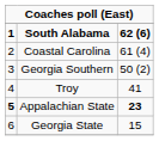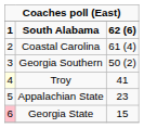 <table class="wikitable">
 <tr align="center">
 <td align="center" Colspan="3"><strong>Coaches poll (East)</strong></td>
 </tr>
 <tr align="center">
 </tr>
 <tr align="center">
 <td><strong>1</strong></td>
 <td><strong>South Alabama</strong></td>
 <td><strong>62 (6)</strong></td>
 </tr>
 <tr align="center">
 <td>2</td>
 <td>Coastal Carolina</td>
 <td>61 (4)</td>
 </tr>
 <tr align="center">
 <td>3</td>
 <td>Georgia Southern</td>
 <td>50 (2)</td>
 </tr>
 <tr align="center">
-<td>4</td>
+<td style="background: lightyellow;">4</td>
 <td>Troy</td>
 <td>41</td>
 </tr>
 <tr align="center">
-<td><strong>5</strong></td>
+<td>5</td>
 <td>Appalachian State</td>
-<td><strong>23</strong></td>
+<td>23</td>
 </tr>
 <tr align="center">
-<td>6</td>
+<td style="background: pink;">6</td>
 <td>Georgia State</td>
 <td>15</td>
 </tr>
 <tr align="center">
 </tr>
 </table>
